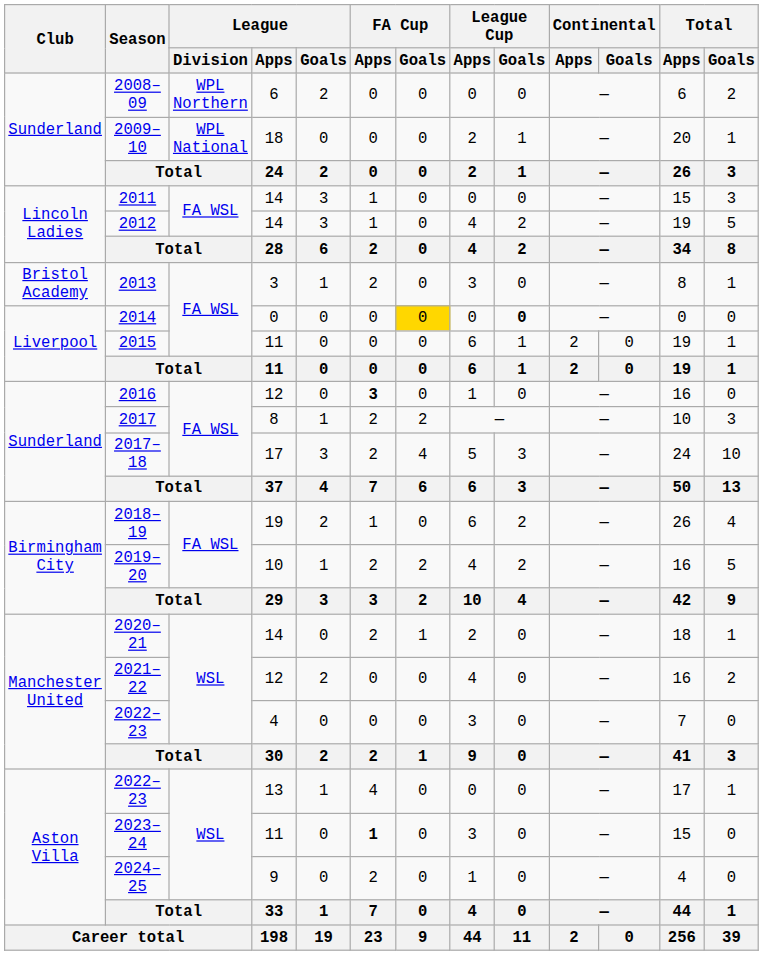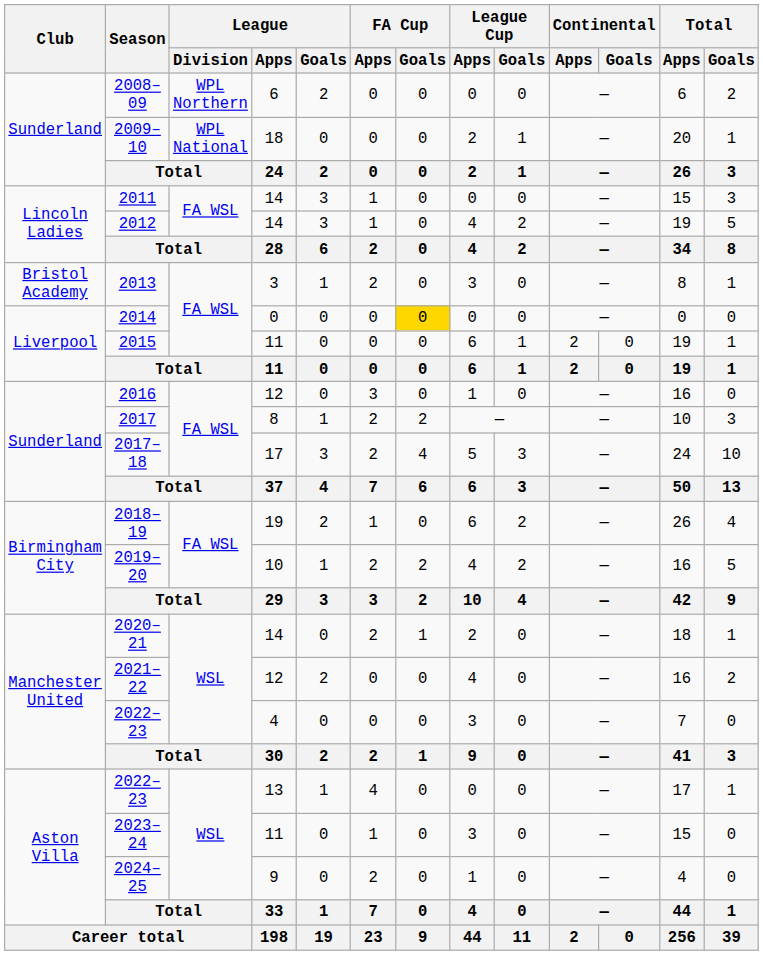 <table class="wikitable" style="text-align:center">
 <tr>
 <th rowspan="2">Club</th>
 <th rowspan="2">Season</th>
 <th colspan="3">League</th>
 <th colspan="2">FA Cup</th>
 <th colspan="2">League Cup</th>
 <th colspan="2">Continental</th>
 <th colspan="2">Total</th>
 </tr>
 <tr>
 <th>Division</th>
 <th>Apps</th>
 <th>Goals</th>
 <th>Apps</th>
 <th>Goals</th>
 <th>Apps</th>
 <th>Goals</th>
 <th>Apps</th>
 <th>Goals</th>
 <th>Apps</th>
 <th>Goals</th>
 </tr>
 <tr>
 <td rowspan="3"><a href='#'>Sunderland</a></td>
 <td><a href='#'>2008–09</a></td>
 <td><a href='#'>WPL Northern</a></td>
 <td>6</td>
 <td>2</td>
 <td>0</td>
 <td>0</td>
 <td>0</td>
 <td>0</td>
 <td colspan="2">—</td>
 <td>6</td>
 <td>2</td>
 </tr>
 <tr>
 <td><a href='#'>2009–10</a></td>
 <td><a href='#'>WPL National</a></td>
 <td>18</td>
 <td>0</td>
 <td>0</td>
 <td>0</td>
 <td>2</td>
 <td>1</td>
 <td colspan="2">—</td>
 <td>20</td>
 <td>1</td>
 </tr>
 <tr>
 <th colspan="2">Total</th>
 <th>24</th>
 <th>2</th>
 <th>0</th>
 <th>0</th>
 <th>2</th>
 <th>1</th>
 <th colspan="2">—</th>
 <th>26</th>
 <th>3</th>
 </tr>
 <tr>
 <td rowspan="3"><a href='#'>Lincoln Ladies</a></td>
 <td><a href='#'>2011</a></td>
 <td rowspan="2"><a href='#'>FA WSL</a></td>
 <td>14</td>
 <td>3</td>
 <td>1</td>
 <td>0</td>
 <td>0</td>
 <td>0</td>
 <td colspan="2">—</td>
 <td>15</td>
 <td>3</td>
 </tr>
 <tr>
 <td><a href='#'>2012</a></td>
 <td>14</td>
 <td>3</td>
 <td>1</td>
 <td>0</td>
 <td>4</td>
 <td>2</td>
 <td colspan="2">—</td>
 <td>19</td>
 <td>5</td>
 </tr>
 <tr>
 <th colspan="2">Total</th>
 <th>28</th>
 <th>6</th>
 <th>2</th>
 <th>0</th>
 <th>4</th>
 <th>2</th>
 <th colspan="2">—</th>
 <th>34</th>
 <th>8</th>
 </tr>
 <tr>
 <td><a href='#'>Bristol Academy</a></td>
 <td><a href='#'>2013</a></td>
 <td rowspan="3"><a href='#'>FA WSL</a></td>
 <td>3</td>
 <td>1</td>
 <td>2</td>
 <td>0</td>
 <td>3</td>
 <td>0</td>
 <td colspan="2">—</td>
 <td>8</td>
 <td>1</td>
 </tr>
 <tr>
 <td rowspan="3"><a href='#'>Liverpool</a></td>
 <td><a href='#'>2014</a></td>
 <td>0</td>
 <td>0</td>
 <td>0</td>
 <td style="background: gold;">0</td>
 <td>0</td>
-<td><strong>0</strong></td>
+<td>0</td>
 <td colspan="2">—</td>
 <td>0</td>
 <td>0</td>
 </tr>
 <tr>
 <td><a href='#'>2015</a></td>
 <td>11</td>
 <td>0</td>
 <td>0</td>
 <td>0</td>
 <td>6</td>
 <td>1</td>
 <td>2</td>
 <td>0</td>
 <td>19</td>
 <td>1</td>
 </tr>
 <tr>
 <th colspan="2">Total</th>
 <th>11</th>
 <th>0</th>
 <th>0</th>
 <th>0</th>
 <th>6</th>
 <th>1</th>
 <th>2</th>
 <th>0</th>
 <th>19</th>
 <th>1</th>
 </tr>
 <tr>
 <td rowspan="4"><a href='#'>Sunderland</a></td>
 <td><a href='#'>2016</a></td>
 <td rowspan="3"><a href='#'>FA WSL</a></td>
 <td>12</td>
 <td>0</td>
-<td><strong>3</strong></td>
+<td>3</td>
 <td>0</td>
 <td>1</td>
 <td>0</td>
 <td colspan="2">—</td>
 <td>16</td>
 <td>0</td>
 </tr>
 <tr>
 <td><a href='#'>2017</a></td>
 <td>8</td>
 <td>1</td>
 <td>2</td>
 <td>2</td>
 <td colspan="2">—</td>
 <td colspan="2">—</td>
 <td>10</td>
 <td>3</td>
 </tr>
 <tr>
 <td><a href='#'>2017–18</a></td>
 <td>17</td>
 <td>3</td>
 <td>2</td>
 <td>4</td>
 <td>5</td>
 <td>3</td>
 <td colspan="2">—</td>
 <td>24</td>
 <td>10</td>
 </tr>
 <tr>
 <th colspan="2">Total</th>
 <th>37</th>
 <th>4</th>
 <th>7</th>
 <th>6</th>
 <th>6</th>
 <th>3</th>
 <th colspan="2">—</th>
 <th>50</th>
 <th>13</th>
 </tr>
 <tr>
 <td rowspan="3"><a href='#'>Birmingham City</a></td>
 <td><a href='#'>2018–19</a></td>
 <td rowspan="2"><a href='#'>FA WSL</a></td>
 <td>19</td>
 <td>2</td>
 <td>1</td>
 <td>0</td>
 <td>6</td>
 <td>2</td>
 <td colspan="2">—</td>
 <td>26</td>
 <td>4</td>
 </tr>
 <tr>
 <td><a href='#'>2019–20</a></td>
 <td>10</td>
 <td>1</td>
 <td>2</td>
 <td>2</td>
 <td>4</td>
 <td>2</td>
 <td colspan="2">—</td>
 <td>16</td>
 <td>5</td>
 </tr>
 <tr>
 <th colspan="2">Total</th>
 <th>29</th>
 <th>3</th>
 <th>3</th>
 <th>2</th>
 <th>10</th>
 <th>4</th>
 <th colspan="2">—</th>
 <th>42</th>
 <th>9</th>
 </tr>
 <tr>
 <td rowspan="4"><a href='#'>Manchester United</a></td>
 <td><a href='#'>2020–21</a></td>
 <td rowspan="3"><a href='#'>WSL</a></td>
 <td>14</td>
 <td>0</td>
 <td>2</td>
 <td>1</td>
 <td>2</td>
 <td>0</td>
 <td colspan="2">—</td>
 <td>18</td>
 <td>1</td>
 </tr>
 <tr>
 <td><a href='#'>2021–22</a></td>
 <td>12</td>
 <td>2</td>
 <td>0</td>
 <td>0</td>
 <td>4</td>
 <td>0</td>
 <td colspan="2">—</td>
 <td>16</td>
 <td>2</td>
 </tr>
 <tr>
 <td><a href='#'>2022–23</a></td>
 <td>4</td>
 <td>0</td>
 <td>0</td>
 <td>0</td>
 <td>3</td>
 <td>0</td>
 <td colspan="2">—</td>
 <td>7</td>
 <td>0</td>
 </tr>
 <tr>
 <th colspan="2">Total</th>
 <th>30</th>
 <th>2</th>
 <th>2</th>
 <th>1</th>
 <th>9</th>
 <th>0</th>
 <th colspan="2">—</th>
 <th>41</th>
 <th>3</th>
 </tr>
 <tr>
 <td rowspan="4"><a href='#'>Aston Villa</a></td>
 <td><a href='#'>2022–23</a></td>
 <td rowspan="3"><a href='#'>WSL</a></td>
 <td>13</td>
 <td>1</td>
 <td>4</td>
 <td>0</td>
 <td>0</td>
 <td>0</td>
 <td colspan="2">—</td>
 <td>17</td>
 <td>1</td>
 </tr>
 <tr>
 <td><a href='#'>2023–24</a></td>
 <td>11</td>
 <td>0</td>
-<td><strong>1</strong></td>
+<td>1</td>
 <td>0</td>
 <td>3</td>
 <td>0</td>
 <td colspan="2">—</td>
 <td>15</td>
 <td>0</td>
 </tr>
 <tr>
 <td><a href='#'>2024–25</a></td>
 <td>9</td>
 <td>0</td>
 <td>2</td>
 <td>0</td>
 <td>1</td>
 <td>0</td>
 <td colspan="2">—</td>
 <td>4</td>
 <td>0</td>
 </tr>
 <tr>
 <th colspan="2">Total</th>
 <th>33</th>
 <th>1</th>
 <th>7</th>
 <th>0</th>
 <th>4</th>
 <th>0</th>
 <th colspan="2">—</th>
 <th>44</th>
 <th>1</th>
 </tr>
 <tr>
 <th colspan="3">Career total</th>
 <th>198</th>
 <th>19</th>
 <th>23</th>
 <th>9</th>
 <th>44</th>
 <th>11</th>
 <th>2</th>
 <th>0</th>
 <th>256</th>
 <th>39</th>
 </tr>
 </table>
